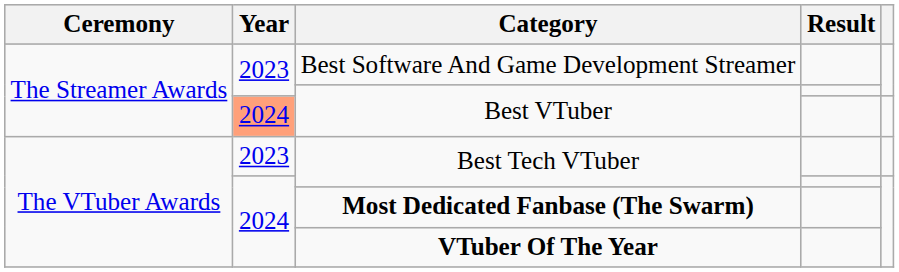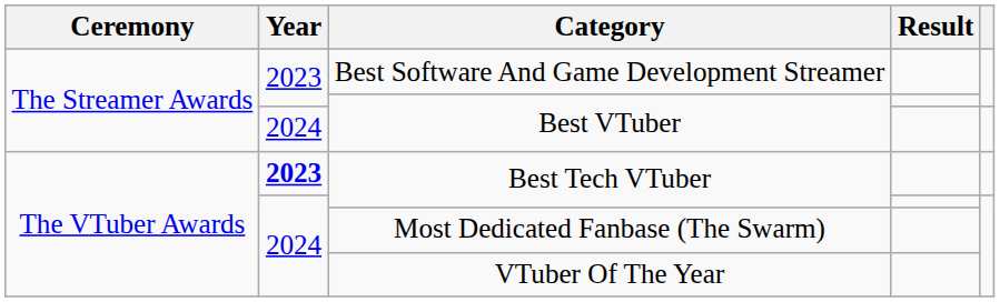 <table class="wikitable sortable" style="text-align:center;">
 <tr>
 <th>Ceremony</th>
 <th>Year</th>
 <th>Category</th>
 <th>Result</th>
 <th></th>
 </tr>
 <tr>
 <td rowspan="3"><a href='#'>The Streamer Awards</a></td>
 <td rowspan="2"><a href='#'>2023</a></td>
 <td>Best Software And Game Development Streamer</td>
 <td></td>
 <td rowspan="2"></td>
 </tr>
 <tr>
 <td rowspan="2">Best VTuber</td>
 <td></td>
 </tr>
 <tr>
-<td style="background: lightsalmon;"><a href='#'>2024</a></td>
+<td><a href='#'>2024</a></td>
 <td></td>
 <td></td>
 </tr>
 <tr>
 <td rowspan="4"><a href='#'>The VTuber Awards</a></td>
-<td><a href='#'>2023</a></td>
+<td><strong><a href='#'>2023</a></strong></td>
 <td rowspan="2">Best Tech VTuber</td>
 <td></td>
 <td></td>
 </tr>
 <tr>
 <td rowspan="3"><a href='#'>2024</a></td>
 <td></td>
 <td rowspan="3"></td>
 </tr>
 <tr>
-<td><strong>Most Dedicated Fanbase (The Swarm)</strong></td>
+<td>Most Dedicated Fanbase (The Swarm)</td>
 <td></td>
 </tr>
 <tr>
-<td><strong>VTuber Of The Year</strong></td>
+<td>VTuber Of The Year</td>
 <td></td>
 </tr>
 </table>
